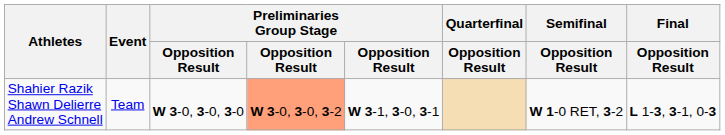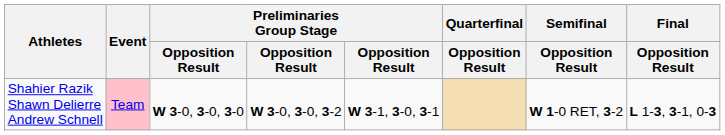 <table class="wikitable" border="1" style="font-size:90%">
 <tr>
 <th rowspan=2>Athletes</th>
 <th rowspan=2>Event</th>
 <th colspan=3>Preliminaries<br>Group Stage</th>
 <th>Quarterfinal</th>
 <th>Semifinal</th>
 <th>Final</th>
 </tr>
 <tr>
 <th>Opposition<br>Result</th>
 <th>Opposition<br>Result</th>
 <th>Opposition<br>Result</th>
 <th>Opposition<br>Result</th>
 <th>Opposition<br>Result</th>
 <th>Opposition<br>Result</th>
 </tr>
 <tr>
 <td><a href='#'>Shahier Razik</a><br><a href='#'>Shawn Delierre</a><br><a href='#'>Andrew Schnell</a></td>
-<td align=center><a href='#'>Team</a></td>
+<td align=center style="background: pink;"><a href='#'>Team</a></td>
 <td align=center><br><strong>W</strong> <strong>3</strong>-0, <strong>3</strong>-0, <strong>3</strong>-0</td>
-<td align=center style="background: lightsalmon;"><br><strong>W</strong> <strong>3</strong>-0, <strong>3</strong>-0, <strong>3</strong>-2</td>
+<td align=center><br><strong>W</strong> <strong>3</strong>-0, <strong>3</strong>-0, <strong>3</strong>-2</td>
 <td align=center><br><strong>W</strong> <strong>3</strong>-1, <strong>3</strong>-0, <strong>3</strong>-1</td>
 <td bgcolor=wheat></td>
 <td align=center><br><strong>W</strong> <strong>1</strong>-0 RET, <strong>3</strong>-2</td>
 <td align=center><br><strong>L</strong> 1-<strong>3</strong>, <strong>3</strong>-1, 0-<strong>3</strong><br></td>
 </tr>
 </table>
